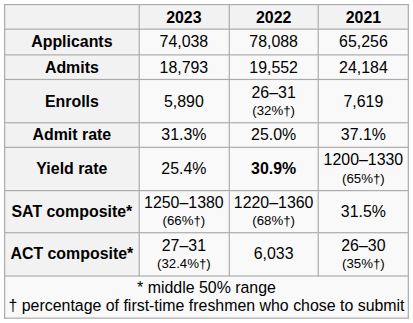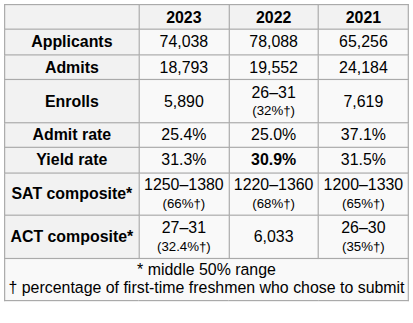 <table style="float:right; font-size:85%; margin:10px; text-align:center; font-size:85%; margin:auto;" class="wikitable">
 <tr>
 <th> </th>
 <th>2023</th>
 <th>2022</th>
 <th>2021</th>
 </tr>
 <tr>
 <th scope = "row">Applicants</th>
 <td>74,038</td>
 <td>78,088</td>
 <td>65,256</td>
 </tr>
 <tr>
 <th scope = "row">Admits</th>
 <td>18,793</td>
 <td>19,552</td>
 <td>24,184</td>
 </tr>
 <tr>
 <th scope = "row">Enrolls</th>
 <td>5,890</td>
 <td>26–31<br><small>(32%†)</small></td>
 <td>7,619</td>
 </tr>
 <tr>
 <th scope = "row">Admit rate</th>
-<td>31.3%</td>
+<td>25.4%</td>
 <td>25.0%</td>
 <td>37.1%</td>
 </tr>
 <tr>
 <th scope = "row">Yield rate</th>
-<td>25.4%</td>
+<td>31.3%</td>
 <td><strong>30.9%</strong></td>
-<td>1200⁠–1330<br><small>(65%†)</small></td>
+<td>31.5%</td>
 </tr>
 <tr>
 <th scope = "row">SAT composite*</th>
 <td>1250–1380<br><small>(66%†)</small></td>
 <td>1220⁠–1360<br><small>(68%†)</small></td>
-<td>31.5%</td>
+<td>1200⁠–1330<br><small>(65%†)</small></td>
 </tr>
 <tr>
 <th>ACT composite*</th>
 <td>27–31<br><small>(32.4%†)</small></td>
 <td>6,033</td>
 <td>26–30<br><small>(35%†)</small></td>
 </tr>
 <tr>
 <td colspan=7>* middle 50% range<br> † percentage of first-time freshmen who chose to submit</td>
 </tr>
 </table>
